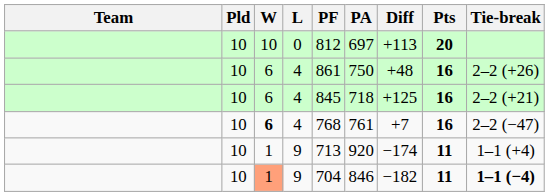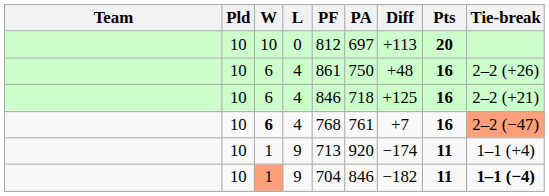 <table class=wikitable style="text-align:center">
 <tr>
 <th width=200>Team</th>
 <th width=20>Pld</th>
 <th width=20>W</th>
 <th width=20>L</th>
 <th width=20>PF</th>
 <th width=20>PA</th>
 <th width=35>Diff</th>
 <th width=35>Pts</th>
 <th>Tie-break</th>
 </tr>
 <tr style="background:#cfc;">
 <td style="text-align:left"></td>
 <td>10</td>
 <td>10</td>
 <td>0</td>
 <td>812</td>
 <td>697</td>
 <td>+113</td>
 <td><strong>20</strong></td>
 <td></td>
 </tr>
 <tr style="background:#cfc;">
 <td style="text-align:left"></td>
 <td>10</td>
 <td>6</td>
 <td>4</td>
 <td>861</td>
 <td>750</td>
 <td>+48</td>
 <td><strong>16</strong></td>
 <td>2–2 (+26)</td>
 </tr>
 <tr style="background:#cfc;">
 <td style="text-align:left"></td>
 <td>10</td>
 <td>6</td>
 <td>4</td>
-<td>845</td>
+<td>846</td>
 <td>718</td>
 <td>+125</td>
 <td><strong>16</strong></td>
 <td>2–2 (+21)</td>
 </tr>
 <tr>
 <td style="text-align:left"></td>
 <td>10</td>
 <td><strong>6</strong></td>
 <td>4</td>
 <td>768</td>
 <td>761</td>
 <td>+7</td>
 <td><strong>16</strong></td>
-<td>2–2 (−47)</td>
+<td style="background: lightsalmon;">2–2 (−47)</td>
 </tr>
 <tr>
 <td style="text-align:left"></td>
 <td>10</td>
 <td>1</td>
 <td>9</td>
 <td>713</td>
 <td>920</td>
 <td>−174</td>
 <td><strong>11</strong></td>
 <td>1–1 (+4)</td>
 </tr>
 <tr>
 <td style="text-align:left"></td>
 <td>10</td>
 <td style="background: lightsalmon;">1</td>
 <td>9</td>
 <td>704</td>
 <td>846</td>
 <td>−182</td>
 <td><strong>11</strong></td>
 <td><strong>1–1 (−4)</strong></td>
 </tr>
 </table>
